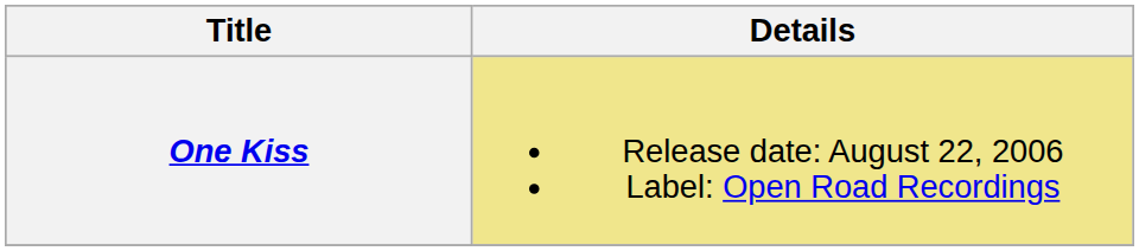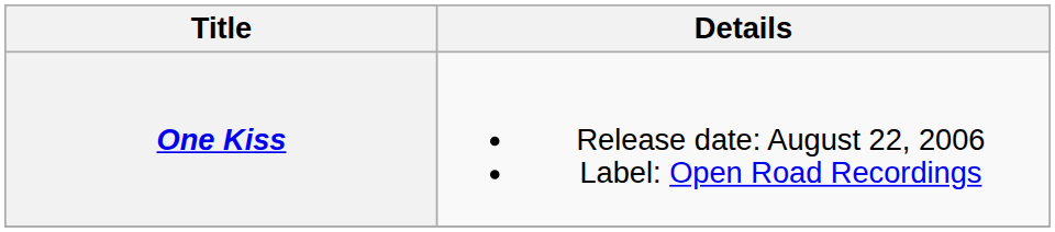 <table class="wikitable plainrowheaders" style="text-align:center;">
 <tr>
 <th style="width:14em;">Title</th>
 <th style="width:20em;">Details</th>
 </tr>
 <tr>
 <th scope="row"><em><a href='#'>One Kiss</a></em></th>
-<td style="background: khaki;"><br><ul><li>Release date: August 22, 2006</li><li>Label: <a href='#'>Open Road Recordings</a></li></ul></td>
+<td><br><ul><li>Release date: August 22, 2006</li><li>Label: <a href='#'>Open Road Recordings</a></li></ul></td>
 </tr>
 <tr>
 </tr>
 </table>
